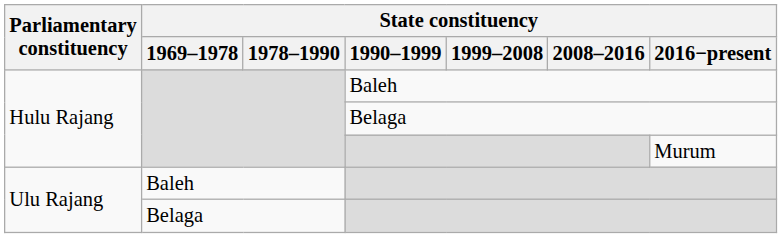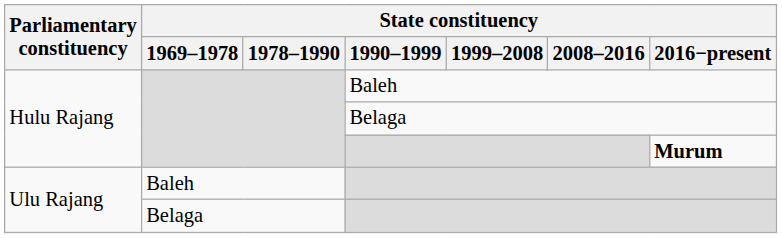 <table class="wikitable">
 <tr>
 <th rowspan="2">Parliamentary<br>constituency</th>
 <th colspan="6">State constituency</th>
 </tr>
 <tr>
 <th>1969–1978</th>
 <th>1978–1990</th>
 <th>1990–1999</th>
 <th>1999–2008</th>
 <th>2008–2016</th>
 <th>2016−present</th>
 </tr>
 <tr>
 <td rowspan="3">Hulu Rajang</td>
 <td colspan="2" rowspan="3" bgcolor="dcdcdc"></td>
 <td colspan="4">Baleh</td>
 </tr>
 <tr>
 <td colspan="4">Belaga</td>
 </tr>
 <tr>
 <td colspan="3" bgcolor="dcdcdc"></td>
-<td>Murum</td>
+<td><strong>Murum</strong></td>
 </tr>
 <tr>
 <td rowspan="2">Ulu Rajang</td>
 <td colspan="2">Baleh</td>
 <td colspan="4" bgcolor="dcdcdc"></td>
 </tr>
 <tr>
 <td colspan="2">Belaga</td>
 <td colspan="4" bgcolor="dcdcdc"></td>
 </tr>
 </table>
